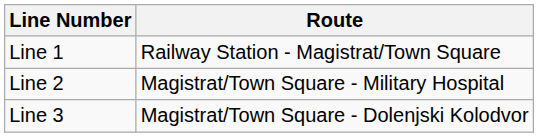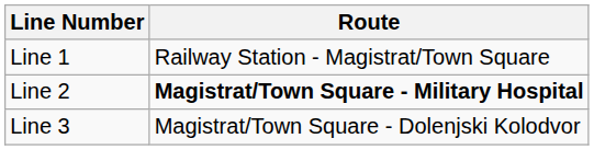 <table class="wikitable">
 <tr>
 <th>Line Number</th>
 <th>Route</th>
 </tr>
 <tr>
 <td>Line 1</td>
 <td>Railway Station - Magistrat/Town Square</td>
 </tr>
 <tr>
 <td>Line 2</td>
-<td>Magistrat/Town Square - Military Hospital</td>
+<td><strong>Magistrat/Town Square - Military Hospital</strong></td>
 </tr>
 <tr>
 <td>Line 3</td>
 <td>Magistrat/Town Square - Dolenjski Kolodvor</td>
 </tr>
 </table>
